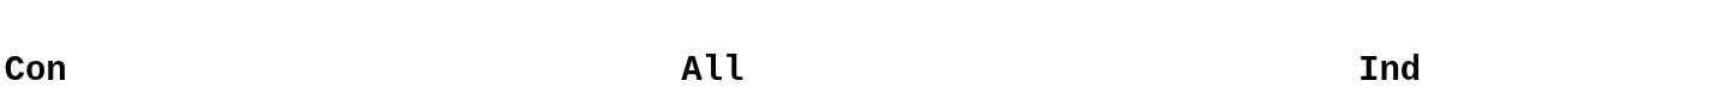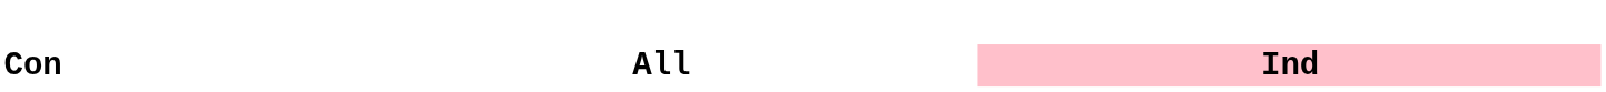 <table style="width:60%; text-align:center;">
 <tr style="color:white;">
 <td style="background:"><strong>33</strong></td>
 <td style="background:"><strong>6</strong></td>
 <td style="background:"><strong>4</strong></td>
 </tr>
 <tr>
 <td><span><strong>Con</strong></span></td>
 <td><span><strong>All</strong></span></td>
-<td><span><strong>Ind</strong></span></td>
+<td style="background: pink;"><span><strong>Ind</strong></span></td>
 </tr>
 </table>
